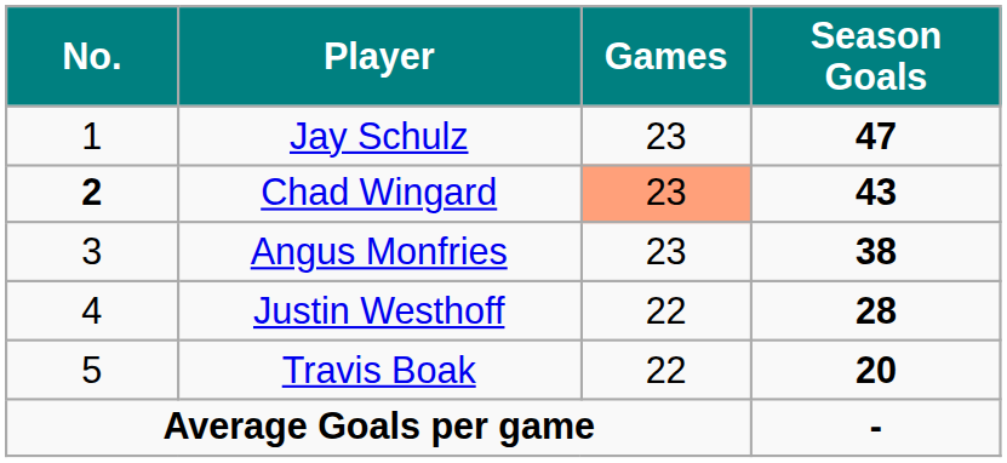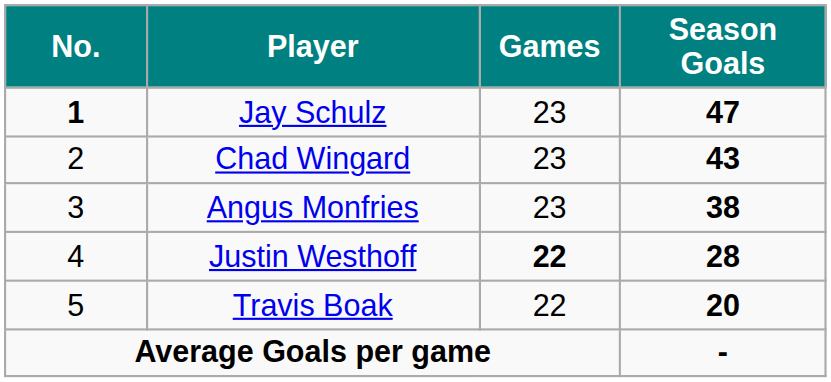 <table class="wikitable sortable" style="text-align:center; font-size:90%">
 <tr>
 <th width=60 style="background:teal; color:white; text-align:center;" class="unsortable">No.</th>
 <th width=150 style="background:teal; color:white; text-align:center;" class="unsortable">Player</th>
 <th width=60 style="background:teal; color:white; text-align:center;" class="unsortable">Games</th>
 <th width=90 style="background:teal; color:white; text-align:center;" class="sortable">Season Goals</th>
 </tr>
 <tr>
-<td>1</td>
+<td><strong>1</strong></td>
 <td><a href='#'>Jay Schulz</a></td>
 <td>23</td>
 <td><strong>47</strong></td>
 </tr>
 <tr>
-<td><strong>2</strong></td>
+<td>2</td>
 <td><a href='#'>Chad Wingard</a></td>
-<td style="background: lightsalmon;">23</td>
+<td>23</td>
 <td><strong>43</strong></td>
 </tr>
 <tr>
 <td>3</td>
 <td><a href='#'>Angus Monfries</a></td>
 <td>23</td>
 <td><strong>38</strong></td>
 </tr>
 <tr>
 <td>4</td>
 <td><a href='#'>Justin Westhoff</a></td>
-<td>22</td>
+<td><strong>22</strong></td>
 <td><strong>28</strong></td>
 </tr>
 <tr>
 <td>5</td>
 <td><a href='#'>Travis Boak</a></td>
 <td>22</td>
 <td><strong>20</strong></td>
 </tr>
 <tr class="sortbottom">
 <td colspan="3"><strong>Average Goals per game</strong></td>
 <td><strong>-</strong></td>
 </tr>
 </table>
